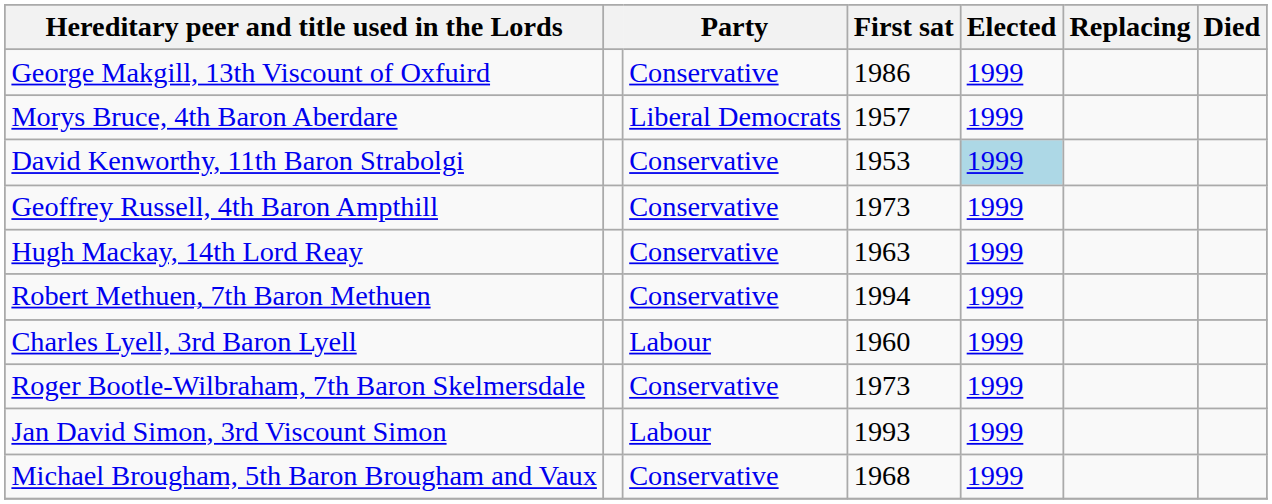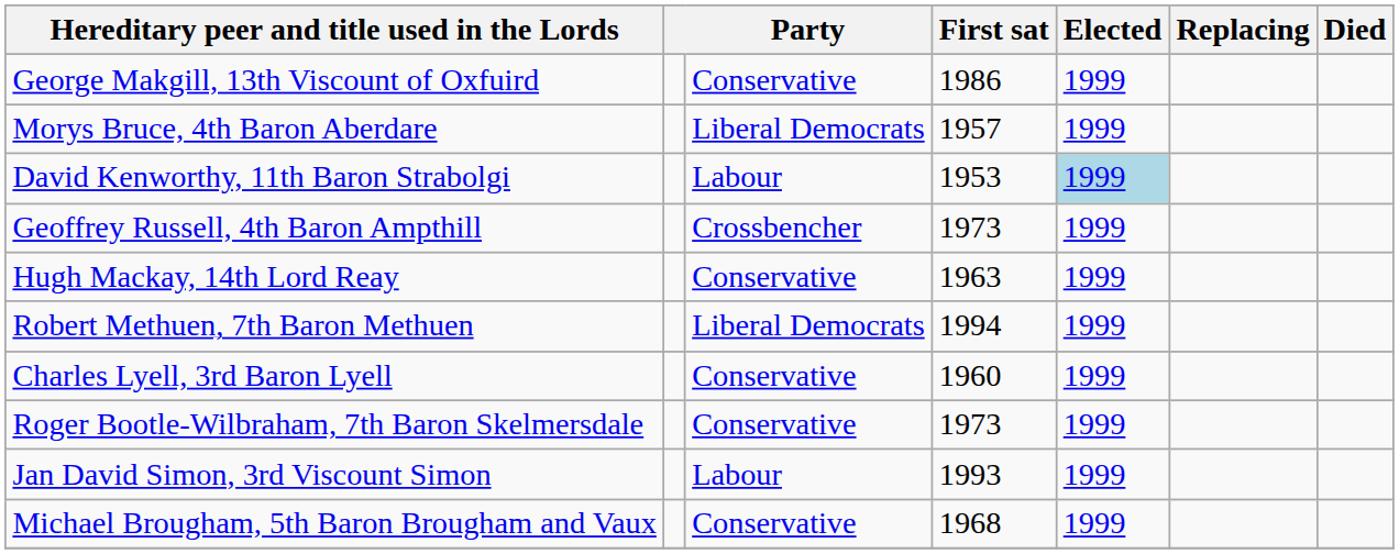 <table class="sortable wikitable">
 <tr>
 <th>Hereditary peer and title used in the Lords</th>
 <th class="unsortable"> </th>
 <th style="border-left-style: hidden;">Party</th>
 <th>First sat</th>
 <th>Elected</th>
 <th>Replacing</th>
 <th>Died</th>
 </tr>
 <tr>
 <td><a href='#'>George Makgill, 13th Viscount of Oxfuird</a></td>
 <td style="background-color: "></td>
 <td><a href='#'>Conservative</a></td>
 <td>1986</td>
 <td><a href='#'>1999</a></td>
 <td></td>
 <td></td>
 </tr>
 <tr>
 <td><a href='#'>Morys Bruce, 4th Baron Aberdare</a></td>
 <td style="background-color: "></td>
 <td><a href='#'>Liberal Democrats</a></td>
 <td>1957</td>
 <td><a href='#'>1999</a></td>
 <td></td>
 <td></td>
 </tr>
 <tr>
 <td><a href='#'>David Kenworthy, 11th Baron Strabolgi</a></td>
 <td style="background-color: "></td>
-<td><a href='#'>Conservative</a></td>
+<td><a href='#'>Labour</a></td>
 <td>1953</td>
 <td style="background: lightblue;"><a href='#'>1999</a></td>
 <td></td>
 <td></td>
 </tr>
 <tr>
 <td><a href='#'>Geoffrey Russell, 4th Baron Ampthill</a></td>
 <td style="background-color: "></td>
-<td><a href='#'>Conservative</a></td>
+<td><a href='#'>Crossbencher</a></td>
 <td>1973</td>
 <td><a href='#'>1999</a></td>
 <td></td>
 <td></td>
 </tr>
 <tr>
 <td><a href='#'>Hugh Mackay, 14th Lord Reay</a></td>
 <td style="background-color: "></td>
 <td><a href='#'>Conservative</a></td>
 <td>1963</td>
 <td><a href='#'>1999</a></td>
 <td></td>
 <td></td>
 </tr>
 <tr>
 <td><a href='#'>Robert Methuen, 7th Baron Methuen</a></td>
 <td style="background-color: "></td>
-<td><a href='#'>Conservative</a></td>
+<td><a href='#'>Liberal Democrats</a></td>
 <td>1994</td>
 <td><a href='#'>1999</a></td>
 <td></td>
 <td></td>
 </tr>
 <tr>
 <td><a href='#'>Charles Lyell, 3rd Baron Lyell</a></td>
 <td style="background-color: "></td>
-<td><a href='#'>Labour</a></td>
+<td><a href='#'>Conservative</a></td>
 <td>1960</td>
 <td><a href='#'>1999</a></td>
 <td></td>
 <td></td>
 </tr>
 <tr>
 <td><a href='#'>Roger Bootle-Wilbraham, 7th Baron Skelmersdale</a></td>
 <td style="background-color: "></td>
 <td><a href='#'>Conservative</a></td>
 <td>1973</td>
 <td><a href='#'>1999</a></td>
 <td></td>
 <td></td>
 </tr>
 <tr>
 <td><a href='#'>Jan David Simon, 3rd Viscount Simon</a></td>
 <td style="background-color: "></td>
 <td><a href='#'>Labour</a></td>
 <td>1993</td>
 <td><a href='#'>1999</a></td>
 <td></td>
 <td></td>
 </tr>
 <tr>
 <td><a href='#'>Michael Brougham, 5th Baron Brougham and Vaux</a></td>
 <td style="background-color: "></td>
 <td><a href='#'>Conservative</a></td>
 <td>1968</td>
 <td><a href='#'>1999</a></td>
 <td></td>
 <td></td>
 </tr>
 <tr>
 </tr>
 </table>
